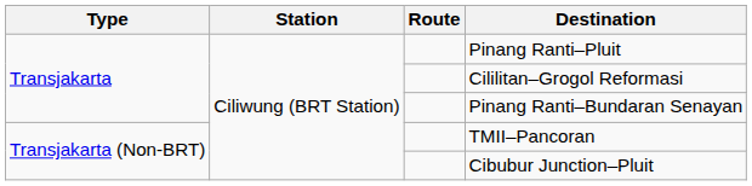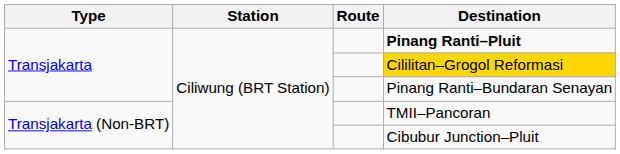 <table class="wikitable">
 <tr>
 <th>Type</th>
 <th>Station</th>
 <th>Route</th>
 <th>Destination</th>
 </tr>
 <tr>
 <td rowspan="3"><a href='#'>Transjakarta</a></td>
 <td rowspan="5">Ciliwung (BRT Station)</td>
 <td></td>
-<td>Pinang Ranti–Pluit</td>
+<td><strong>Pinang Ranti–Pluit</strong></td>
 </tr>
 <tr>
 <td></td>
-<td>Cililitan–Grogol Reformasi</td>
+<td style="background: gold;">Cililitan–Grogol Reformasi</td>
 </tr>
 <tr>
 <td></td>
 <td>Pinang Ranti–Bundaran Senayan</td>
 </tr>
 <tr>
 <td rowspan="2"><a href='#'>Transjakarta</a> (Non-BRT)</td>
 <td></td>
 <td>TMII–Pancoran</td>
 </tr>
 <tr>
 <td></td>
 <td>Cibubur Junction–Pluit</td>
 </tr>
 </table>
